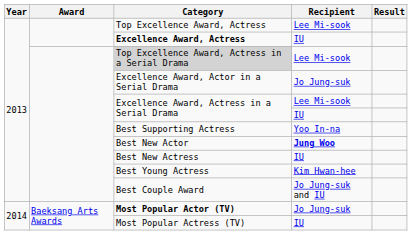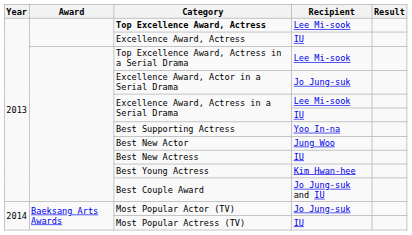 <table class="wikitable">
 <tr>
 <th>Year</th>
 <th>Award</th>
 <th>Category</th>
 <th>Recipient</th>
 <th>Result</th>
 </tr>
 <tr>
 <td rowspan=11>2013</td>
 <td rowspan=2></td>
-<td>Top Excellence Award, Actress</td>
+<td><strong>Top Excellence Award, Actress</strong></td>
 <td><a href='#'>Lee Mi-sook</a></td>
 <td></td>
 </tr>
 <tr>
-<td><strong>Excellence Award, Actress</strong></td>
+<td>Excellence Award, Actress</td>
 <td><a href='#'>IU</a></td>
 <td></td>
 </tr>
 <tr>
 <td rowspan=9></td>
-<td style="background: lightgrey;">Top Excellence Award, Actress in a Serial Drama</td>
+<td>Top Excellence Award, Actress in a Serial Drama</td>
 <td><a href='#'>Lee Mi-sook</a></td>
 <td></td>
 </tr>
 <tr>
 <td>Excellence Award, Actor in a Serial Drama</td>
 <td><a href='#'>Jo Jung-suk</a></td>
 <td></td>
 </tr>
 <tr>
 <td rowspan=2>Excellence Award, Actress in a Serial Drama</td>
 <td><a href='#'>Lee Mi-sook</a></td>
 <td></td>
 </tr>
 <tr>
 <td><a href='#'>IU</a></td>
 <td></td>
 </tr>
 <tr>
 <td>Best Supporting Actress</td>
 <td><a href='#'>Yoo In-na</a></td>
 <td></td>
 </tr>
 <tr>
 <td>Best New Actor</td>
-<td><strong><a href='#'>Jung Woo</a></strong></td>
+<td><a href='#'>Jung Woo</a></td>
 <td></td>
 </tr>
 <tr>
 <td>Best New Actress</td>
 <td><a href='#'>IU</a></td>
 <td></td>
 </tr>
 <tr>
 <td>Best Young Actress</td>
 <td><a href='#'>Kim Hwan-hee</a></td>
 <td></td>
 </tr>
 <tr>
 <td>Best Couple Award</td>
 <td><a href='#'>Jo Jung-suk</a> and <a href='#'>IU</a></td>
 <td></td>
 </tr>
 <tr>
 <td rowspan=2>2014</td>
 <td rowspan=2><a href='#'>Baeksang Arts Awards</a></td>
-<td><strong>Most Popular Actor (TV)</strong></td>
+<td>Most Popular Actor (TV)</td>
 <td><a href='#'>Jo Jung-suk</a></td>
 <td></td>
 </tr>
 <tr>
 <td>Most Popular Actress (TV)</td>
 <td><a href='#'>IU</a></td>
 <td></td>
 </tr>
 </table>
